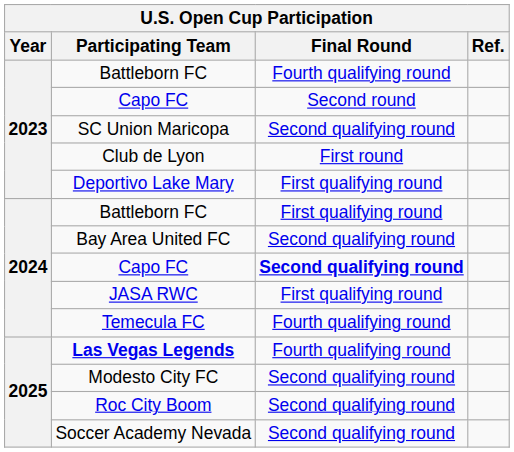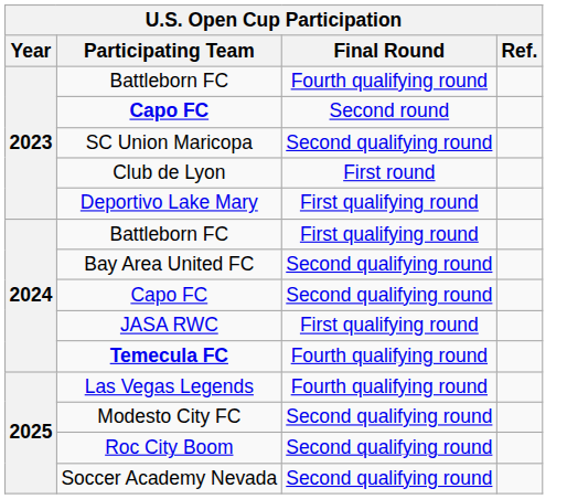 <table class="wikitable" style="border: none; text-align: center;">
 <tr>
 <th colspan=4>U.S. Open Cup Participation</th>
 </tr>
 <tr>
 <th>Year</th>
 <th>Participating Team</th>
 <th>Final Round</th>
 <th>Ref.</th>
 </tr>
 <tr>
 <th rowspan=5>2023</th>
 <td>Battleborn FC</td>
 <td><a href='#'>Fourth qualifying round</a></td>
 <td></td>
 </tr>
 <tr>
-<td><a href='#'>Capo FC</a></td>
+<td><strong><a href='#'>Capo FC</a></strong></td>
 <td><a href='#'>Second round</a></td>
 <td></td>
 </tr>
 <tr>
 <td>SC Union Maricopa</td>
 <td><a href='#'>Second qualifying round</a></td>
 <td></td>
 </tr>
 <tr>
 <td>Club de Lyon</td>
 <td><a href='#'>First round</a></td>
 <td></td>
 </tr>
 <tr>
 <td><a href='#'>Deportivo Lake Mary</a></td>
 <td><a href='#'>First qualifying round</a></td>
 <td></td>
 </tr>
 <tr>
 <th rowspan=5>2024</th>
 <td>Battleborn FC</td>
 <td><a href='#'>First qualifying round</a></td>
 <td></td>
 </tr>
 <tr>
 <td>Bay Area United FC</td>
 <td><a href='#'>Second qualifying round</a></td>
 <td></td>
 </tr>
 <tr>
 <td><a href='#'>Capo FC</a></td>
-<td><strong><a href='#'>Second qualifying round</a></strong></td>
+<td><a href='#'>Second qualifying round</a></td>
 <td></td>
 </tr>
 <tr>
 <td><a href='#'>JASA RWC</a></td>
 <td><a href='#'>First qualifying round</a></td>
 <td></td>
 </tr>
 <tr>
-<td><a href='#'>Temecula FC</a></td>
+<td><strong><a href='#'>Temecula FC</a></strong></td>
 <td><a href='#'>Fourth qualifying round</a></td>
 <td></td>
 </tr>
 <tr>
 <th rowspan=4>2025</th>
-<td><strong><a href='#'>Las Vegas Legends</a></strong></td>
+<td><a href='#'>Las Vegas Legends</a></td>
 <td><a href='#'>Fourth qualifying round</a></td>
 <td></td>
 </tr>
 <tr>
 <td>Modesto City FC</td>
 <td><a href='#'>Second qualifying round</a></td>
 <td></td>
 </tr>
 <tr>
 <td><a href='#'>Roc City Boom</a></td>
 <td><a href='#'>Second qualifying round</a></td>
 <td></td>
 </tr>
 <tr>
 <td>Soccer Academy Nevada</td>
 <td><a href='#'>Second qualifying round</a></td>
 <td></td>
 </tr>
 </table>
